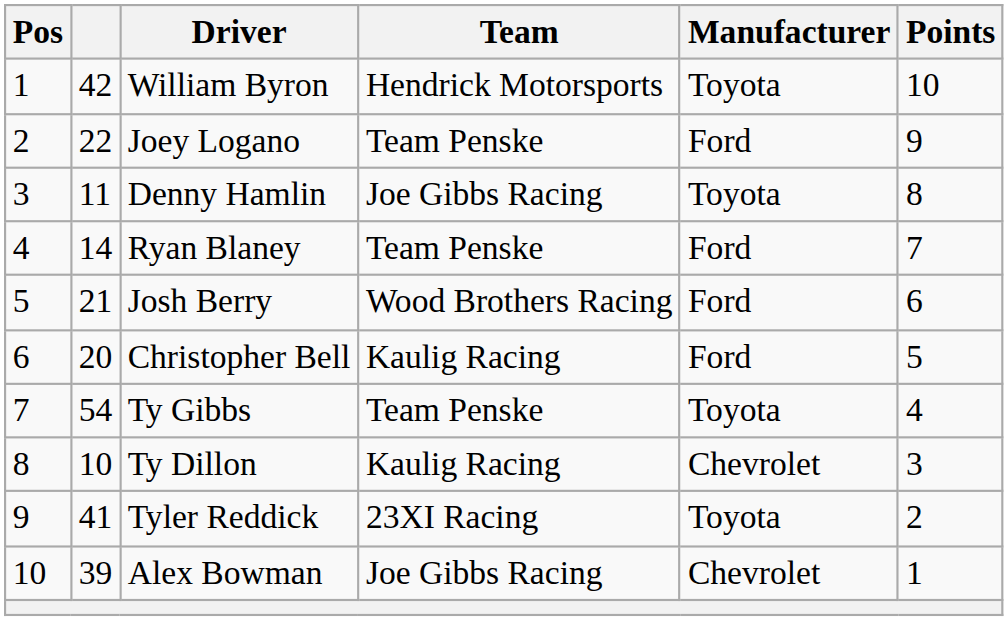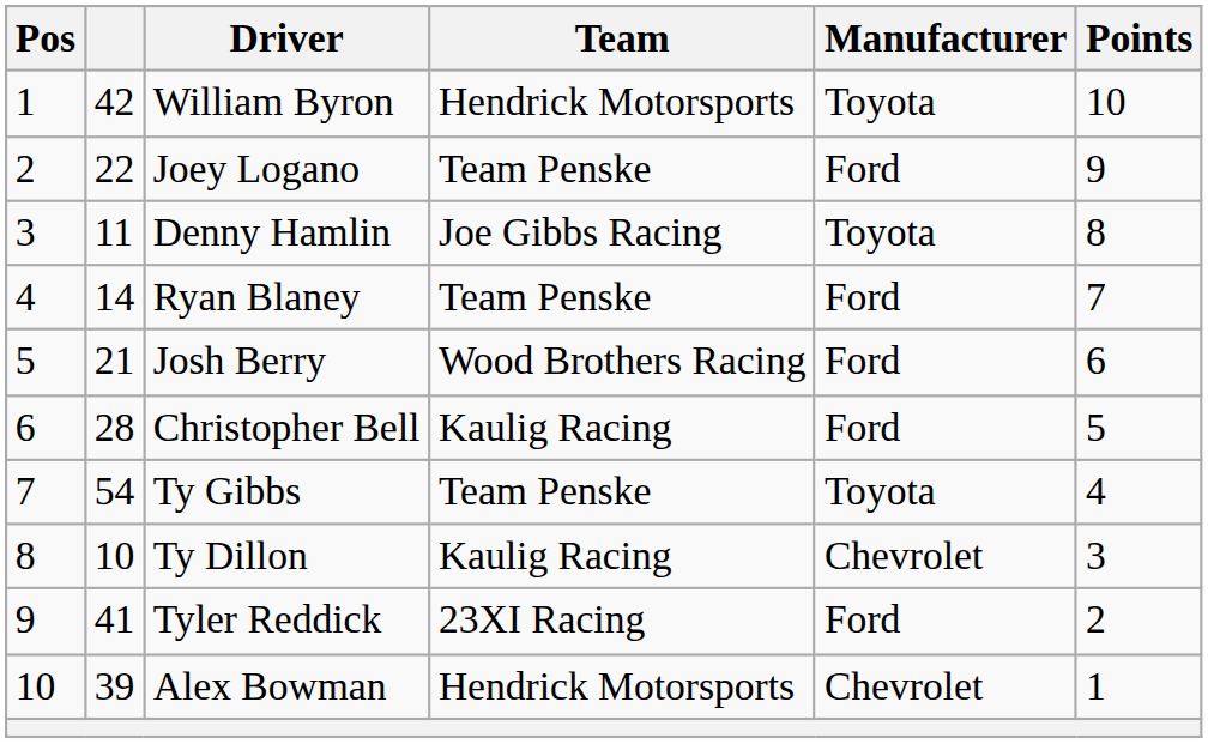 <table class="wikitable" style="font-size:98%">
 <tr>
 <th>Pos</th>
 <th></th>
 <th>Driver</th>
 <th>Team</th>
 <th>Manufacturer</th>
 <th>Points</th>
 </tr>
 <tr>
 <td>1</td>
 <td>42</td>
 <td>William Byron</td>
 <td>Hendrick Motorsports</td>
 <td>Toyota</td>
 <td>10</td>
 </tr>
 <tr>
 <td>2</td>
 <td>22</td>
 <td>Joey Logano</td>
 <td>Team Penske</td>
 <td>Ford</td>
 <td>9</td>
 </tr>
 <tr>
 <td>3</td>
 <td>11</td>
 <td>Denny Hamlin</td>
 <td>Joe Gibbs Racing</td>
 <td>Toyota</td>
 <td>8</td>
 </tr>
 <tr>
 <td>4</td>
 <td>14</td>
 <td>Ryan Blaney</td>
 <td>Team Penske</td>
 <td>Ford</td>
 <td>7</td>
 </tr>
 <tr>
 <td>5</td>
 <td>21</td>
 <td>Josh Berry</td>
 <td>Wood Brothers Racing</td>
 <td>Ford</td>
 <td>6</td>
 </tr>
 <tr>
 <td>6</td>
-<td>20</td>
+<td>28</td>
 <td>Christopher Bell</td>
 <td>Kaulig Racing</td>
 <td>Ford</td>
 <td>5</td>
 </tr>
 <tr>
 <td>7</td>
 <td>54</td>
 <td>Ty Gibbs</td>
 <td>Team Penske</td>
 <td>Toyota</td>
 <td>4</td>
 </tr>
 <tr>
 <td>8</td>
 <td>10</td>
 <td>Ty Dillon</td>
 <td>Kaulig Racing</td>
 <td>Chevrolet</td>
 <td>3</td>
 </tr>
 <tr>
 <td>9</td>
 <td>41</td>
 <td>Tyler Reddick</td>
 <td>23XI Racing</td>
-<td>Toyota</td>
+<td>Ford</td>
 <td>2</td>
 </tr>
 <tr>
 <td>10</td>
 <td>39</td>
 <td>Alex Bowman</td>
-<td>Joe Gibbs Racing</td>
+<td>Hendrick Motorsports</td>
 <td>Chevrolet</td>
 <td>1</td>
 </tr>
 <tr>
 <th colspan="6"></th>
 </tr>
 </table>
